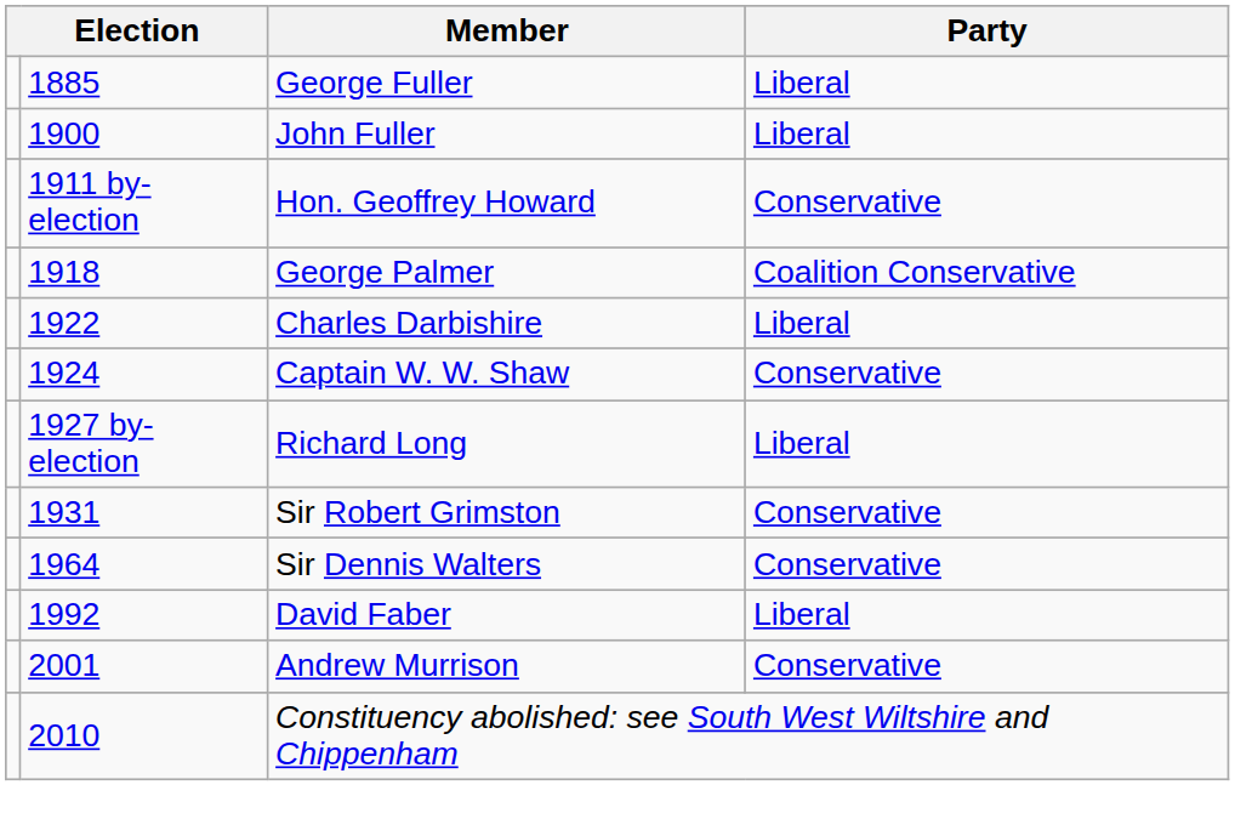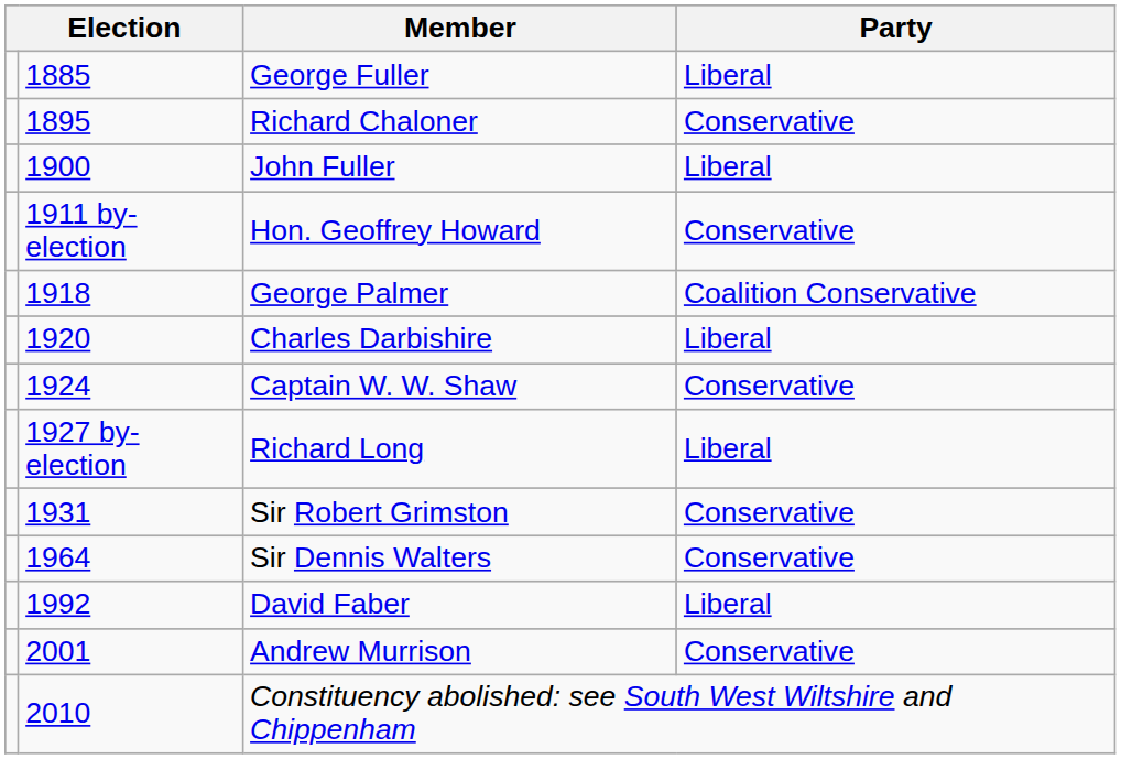 <table class="wikitable">
 <tr>
 <th colspan="2">Election</th>
 <th>Member</th>
 <th>Party</th>
 </tr>
 <tr>
 <td style="color:inherit;background-color: "></td>
 <td><a href='#'>1885</a></td>
 <td><a href='#'>George Fuller</a></td>
 <td><a href='#'>Liberal</a></td>
+</tr>
+<tr>
+<td style="color:inherit;background-color: "></td>
+<td><a href='#'>1895</a></td>
+<td><a href='#'>Richard Chaloner</a></td>
+<td><a href='#'>Conservative</a></td>
 </tr>
 <tr>
 <td style="color:inherit;background-color: "></td>
 <td><a href='#'>1900</a></td>
 <td><a href='#'>John Fuller</a></td>
 <td><a href='#'>Liberal</a></td>
 </tr>
 <tr>
 <td style="color:inherit;background-color: "></td>
 <td><a href='#'>1911 by-election</a></td>
 <td><a href='#'>Hon. Geoffrey Howard</a></td>
 <td><a href='#'>Conservative</a></td>
 </tr>
 <tr>
 <td style="color:inherit;background-color: "></td>
 <td><a href='#'>1918</a></td>
 <td><a href='#'>George Palmer</a></td>
 <td><a href='#'>Coalition Conservative</a></td>
 </tr>
 <tr>
 <td style="color:inherit;background-color: "></td>
-<td><a href='#'>1922</a></td>
+<td><a href='#'>1920</a></td>
 <td><a href='#'>Charles Darbishire</a></td>
 <td><a href='#'>Liberal</a></td>
 </tr>
 <tr>
 <td style="color:inherit;background-color: "></td>
 <td><a href='#'>1924</a></td>
 <td><a href='#'>Captain W. W. Shaw</a></td>
 <td><a href='#'>Conservative</a></td>
 </tr>
 <tr>
 <td style="color:inherit;background-color: "></td>
 <td><a href='#'>1927 by-election</a></td>
 <td><a href='#'>Richard Long</a></td>
 <td><a href='#'>Liberal</a></td>
 </tr>
 <tr>
 <td style="color:inherit;background-color: "></td>
 <td><a href='#'>1931</a></td>
 <td>Sir <a href='#'>Robert Grimston</a></td>
 <td><a href='#'>Conservative</a></td>
 </tr>
 <tr>
 <td style="color:inherit;background-color: "></td>
 <td><a href='#'>1964</a></td>
 <td>Sir <a href='#'>Dennis Walters</a></td>
 <td><a href='#'>Conservative</a></td>
 </tr>
 <tr>
 <td style="color:inherit;background-color: "></td>
 <td><a href='#'>1992</a></td>
 <td><a href='#'>David Faber</a></td>
 <td><a href='#'>Liberal</a></td>
 </tr>
 <tr>
 <td style="color:inherit;background-color: "></td>
 <td><a href='#'>2001</a></td>
 <td><a href='#'>Andrew Murrison</a></td>
 <td><a href='#'>Conservative</a></td>
 </tr>
 <tr>
 <td></td>
 <td><a href='#'>2010</a></td>
 <td colspan="2"><em>Constituency abolished: see <a href='#'>South West Wiltshire</a> and <a href='#'>Chippenham</a></em></td>
 </tr>
 </table>
